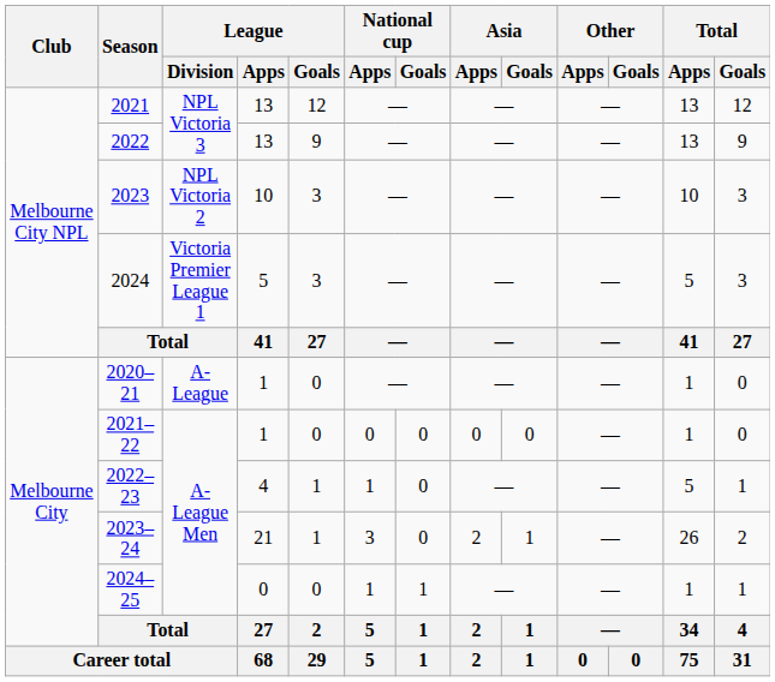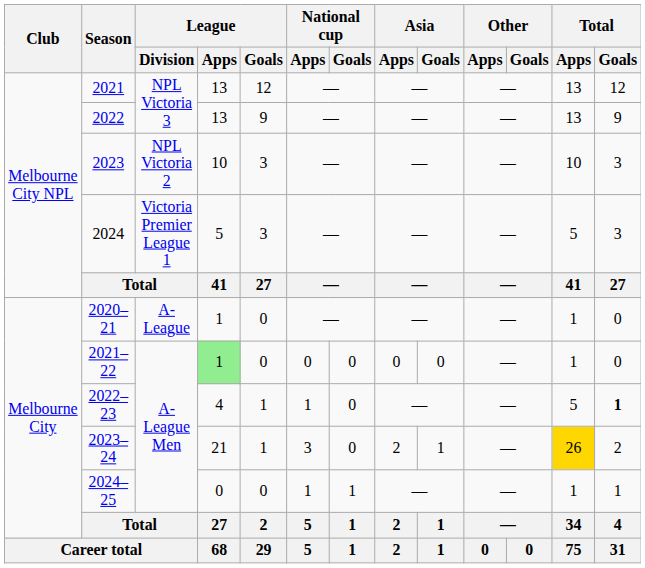 <table class="wikitable" style="text-align:center">
 <tr>
 <th rowspan="2">Club</th>
 <th rowspan="2">Season</th>
 <th colspan="3">League</th>
 <th colspan="2">National cup</th>
 <th colspan="2">Asia</th>
 <th colspan="2">Other</th>
 <th colspan="2">Total</th>
 </tr>
 <tr>
 <th>Division</th>
 <th>Apps</th>
 <th>Goals</th>
 <th>Apps</th>
 <th>Goals</th>
 <th>Apps</th>
 <th>Goals</th>
 <th>Apps</th>
 <th>Goals</th>
 <th>Apps</th>
 <th>Goals</th>
 </tr>
 <tr>
 <td rowspan="5"><a href='#'>Melbourne City NPL</a></td>
 <td><a href='#'>2021</a></td>
 <td rowspan="2"><a href='#'>NPL Victoria 3</a></td>
 <td>13</td>
 <td>12</td>
 <td colspan="2">—</td>
 <td colspan="2">—</td>
 <td colspan="2">—</td>
 <td>13</td>
 <td>12</td>
 </tr>
 <tr>
 <td><a href='#'>2022</a></td>
 <td>13</td>
 <td>9</td>
 <td colspan="2">—</td>
 <td colspan="2">—</td>
 <td colspan="2">—</td>
 <td>13</td>
 <td>9</td>
 </tr>
 <tr>
 <td><a href='#'>2023</a></td>
 <td><a href='#'>NPL Victoria 2</a></td>
 <td>10</td>
 <td>3</td>
 <td colspan="2">—</td>
 <td colspan="2">—</td>
 <td colspan="2">—</td>
 <td>10</td>
 <td>3</td>
 </tr>
 <tr>
 <td>2024</td>
 <td><a href='#'>Victoria Premier League 1</a></td>
 <td>5</td>
 <td>3</td>
 <td colspan="2">—</td>
 <td colspan="2">—</td>
 <td colspan="2">—</td>
 <td>5</td>
 <td>3</td>
 </tr>
 <tr>
 <th colspan="2">Total</th>
 <th>41</th>
 <th>27</th>
 <th colspan="2">—</th>
 <th colspan="2">—</th>
 <th colspan="2">—</th>
 <th>41</th>
 <th>27</th>
 </tr>
 <tr>
 <td rowspan="6"><a href='#'>Melbourne City</a></td>
 <td><a href='#'>2020–21</a></td>
 <td><a href='#'>A-League</a></td>
 <td>1</td>
 <td>0</td>
 <td colspan="2">—</td>
 <td colspan="2">—</td>
 <td colspan="2">—</td>
 <td>1</td>
 <td>0</td>
 </tr>
 <tr>
 <td><a href='#'>2021–22</a></td>
 <td rowspan="4"><a href='#'>A-League Men</a></td>
-<td>1</td>
+<td style="background: lightgreen;">1</td>
 <td>0</td>
 <td>0</td>
 <td>0</td>
 <td>0</td>
 <td>0</td>
 <td colspan="2">—</td>
 <td>1</td>
 <td>0</td>
 </tr>
 <tr>
 <td><a href='#'>2022–23</a></td>
 <td>4</td>
 <td>1</td>
 <td>1</td>
 <td>0</td>
 <td colspan="2">—</td>
 <td colspan="2">—</td>
 <td>5</td>
-<td>1</td>
+<td><strong>1</strong></td>
 </tr>
 <tr>
 <td><a href='#'>2023–24</a></td>
 <td>21</td>
 <td>1</td>
 <td>3</td>
 <td>0</td>
 <td>2</td>
 <td>1</td>
 <td colspan="2">—</td>
-<td>26</td>
+<td style="background: gold;">26</td>
 <td>2</td>
 </tr>
 <tr>
 <td><a href='#'>2024–25</a></td>
 <td>0</td>
 <td>0</td>
 <td>1</td>
 <td>1</td>
 <td colspan="2">—</td>
 <td colspan="2">—</td>
 <td>1</td>
 <td>1</td>
 </tr>
 <tr>
 <th colspan="2">Total</th>
 <th>27</th>
 <th>2</th>
 <th>5</th>
 <th>1</th>
 <th>2</th>
 <th>1</th>
 <th colspan="2">—</th>
 <th>34</th>
 <th>4</th>
 </tr>
 <tr>
 <th colspan="3">Career total</th>
 <th>68</th>
 <th>29</th>
 <th>5</th>
 <th>1</th>
 <th>2</th>
 <th>1</th>
 <th>0</th>
 <th>0</th>
 <th>75</th>
 <th>31</th>
 </tr>
 </table>
